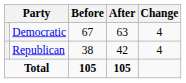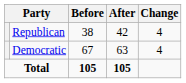 <table class="wikitable" style="text-align:center;">
 <tr>
 <th colspan="2">Party</th>
 <th>Before</th>
 <th>After</th>
 <th>Change</th>
 </tr>
 <tr>
 <th style="background-color:"></th>
-<td style="text-align:left;"><a href='#'>Democratic</a></td>
-<td>67</td>
-<td>63</td>
+<td style="text-align:left;"><a href='#'>Republican</a></td>
+<td>38</td>
+<td>42</td>
 <td> 4</td>
 </tr>
 <tr>
 <th style="background-color:"></th>
-<td style="text-align:left;"><a href='#'>Republican</a></td>
-<td>38</td>
-<td>42</td>
+<td style="text-align:left;"><a href='#'>Democratic</a></td>
+<td>67</td>
+<td>63</td>
 <td> 4</td>
 </tr>
 <tr>
 <td colspan="2"><strong>Total</strong></td>
 <td><strong>105</strong></td>
 <td><strong>105</strong></td>
 <td></td>
 </tr>
 </table>
